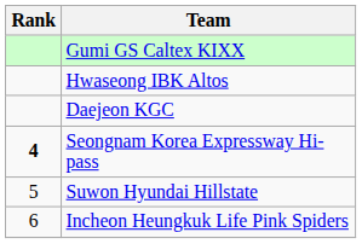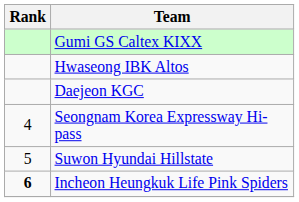 <table class="wikitable" style="text-align: center;">
 <tr>
 <th width=40>Rank</th>
 <th width=240>Team</th>
 </tr>
 <tr bgcolor=#ccffcc>
 <td></td>
 <td align=left><a href='#'>Gumi GS Caltex KIXX</a></td>
 </tr>
 <tr>
 <td></td>
 <td align=left><a href='#'>Hwaseong IBK Altos</a></td>
 </tr>
 <tr>
 <td></td>
 <td align=left><a href='#'>Daejeon KGC</a></td>
 </tr>
 <tr>
-<td><strong>4</strong></td>
+<td>4</td>
 <td align=left><a href='#'>Seongnam Korea Expressway Hi-pass</a></td>
 </tr>
 <tr>
 <td>5</td>
 <td align=left><a href='#'>Suwon Hyundai Hillstate</a></td>
 </tr>
 <tr>
-<td>6</td>
+<td><strong>6</strong></td>
 <td align=left><a href='#'>Incheon Heungkuk Life Pink Spiders</a></td>
 </tr>
 <tr>
 </tr>
 </table>
